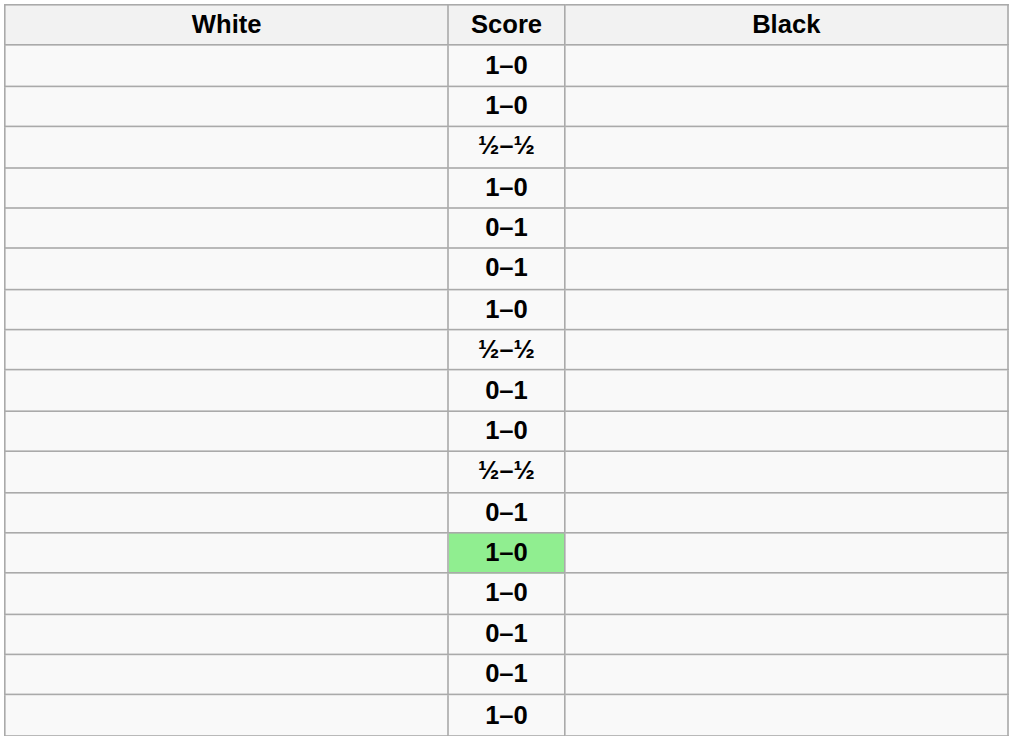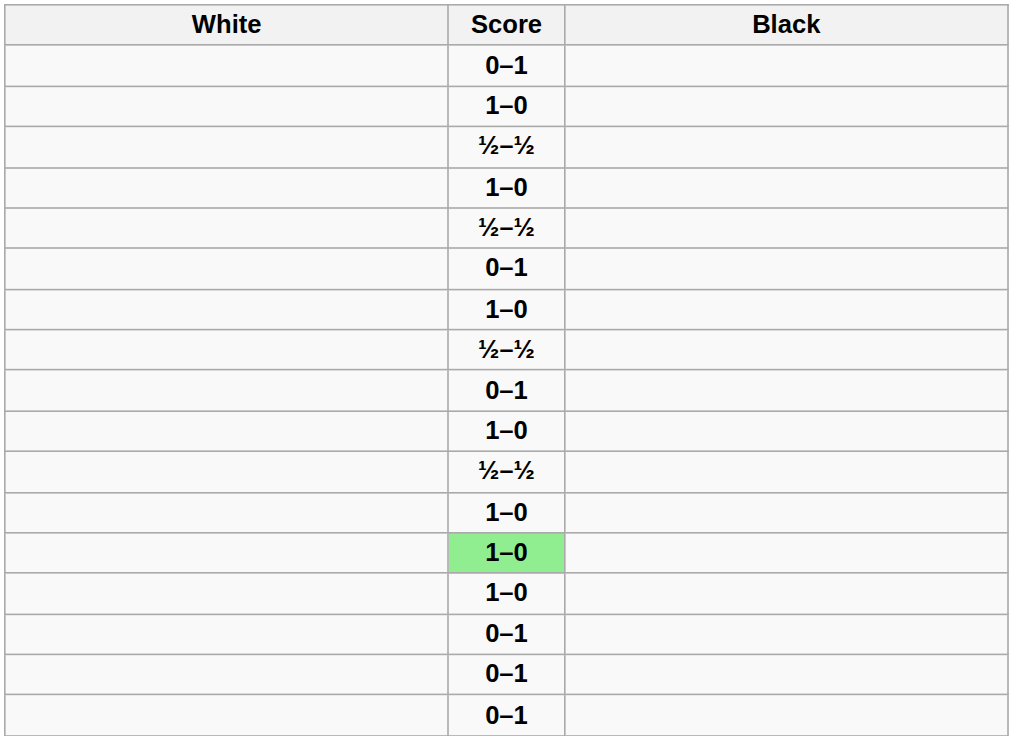 <table class="wikitable" style="text-align: center;">
 <tr>
 <th align="right" width="270">White</th>
 <th width="65">Score</th>
 <th align="left" width="270">Black</th>
 </tr>
 <tr>
 <td align=left><strong></strong></td>
-<td align=center><strong>1–0</strong></td>
+<td align=center><strong>0–1</strong></td>
 <td align=left></td>
 </tr>
 <tr>
 <td align=left><strong></strong></td>
 <td align=center><strong>1–0</strong></td>
 <td align=left></td>
 </tr>
 <tr>
 <td align=left></td>
 <td align=center><strong>½–½</strong></td>
 <td align=left></td>
 </tr>
 <tr>
 <td align=left><strong></strong></td>
 <td align=center><strong>1–0</strong></td>
 <td align=left></td>
 </tr>
 <tr>
 <td align=left></td>
-<td align=center><strong>0–1</strong></td>
+<td align=center><strong>½–½</strong></td>
 <td align=left></td>
 </tr>
 <tr>
 <td align=left></td>
 <td align=center><strong>0–1</strong></td>
 <td align=left><strong></strong></td>
 </tr>
 <tr>
 <td align=left></td>
 <td align=center><strong>1–0</strong></td>
 <td align=left><strong></strong></td>
 </tr>
 <tr>
 <td align=left></td>
 <td align=center><strong>½–½</strong></td>
 <td align=left></td>
 </tr>
 <tr>
 <td align=left></td>
 <td align=center><strong>0–1</strong></td>
 <td align=left><strong></strong></td>
 </tr>
 <tr>
 <td align=left><strong></strong></td>
 <td align=center><strong>1–0</strong></td>
 <td align=left></td>
 </tr>
 <tr>
 <td align=left></td>
 <td align=center><strong>½–½</strong></td>
 <td align=left></td>
 </tr>
 <tr>
 <td align=left></td>
-<td align=center><strong>0–1</strong></td>
+<td align=center><strong>1–0</strong></td>
 <td align=left><strong></strong></td>
 </tr>
 <tr>
 <td align=left><strong></strong></td>
 <td align=center style="background: lightgreen;"><strong>1–0</strong></td>
 <td align=left></td>
 </tr>
 <tr>
 <td align=left><strong></strong></td>
 <td align=center><strong>1–0</strong></td>
 <td align=left></td>
 </tr>
 <tr>
 <td align=left><strong></strong></td>
 <td align=center><strong>0–1</strong></td>
 <td align=left></td>
 </tr>
 <tr>
 <td align=left></td>
 <td align=center><strong>0–1</strong></td>
 <td align=left><strong></strong></td>
 </tr>
 <tr>
 <td align=left><strong></strong></td>
-<td align=center><strong>1–0</strong></td>
+<td align=center><strong>0–1</strong></td>
 <td align=left></td>
 </tr>
 </table>
